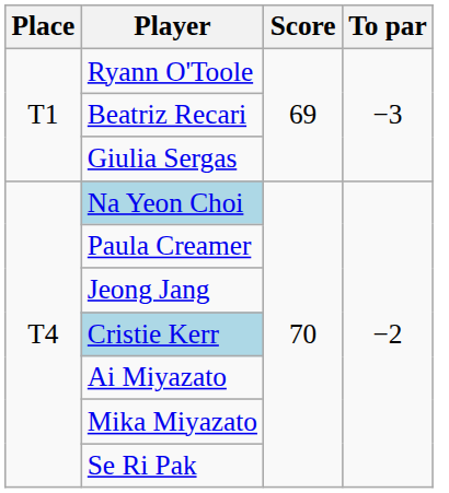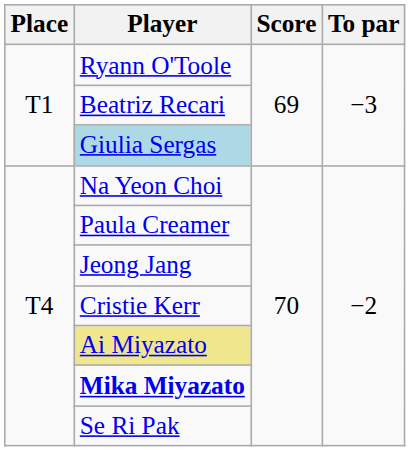 <table class="wikitable">
 <tr>
 <th>Place</th>
 <th>Player</th>
 <th>Score</th>
 <th>To par</th>
 </tr>
 <tr>
 <td align=center rowspan=3>T1</td>
 <td> <a href='#'>Ryann O'Toole</a></td>
 <td align=center rowspan=3>69</td>
 <td align=center rowspan=3>−3</td>
 </tr>
 <tr>
 <td> <a href='#'>Beatriz Recari</a></td>
 </tr>
 <tr>
-<td> <a href='#'>Giulia Sergas</a></td>
+<td style="background: lightblue;"> <a href='#'>Giulia Sergas</a></td>
 </tr>
 <tr>
 <td align=center rowspan=7>T4</td>
-<td style="background: lightblue;"> <a href='#'>Na Yeon Choi</a></td>
+<td> <a href='#'>Na Yeon Choi</a></td>
 <td align=center rowspan=7>70</td>
 <td align=center rowspan=7>−2</td>
 </tr>
 <tr>
 <td> <a href='#'>Paula Creamer</a></td>
 </tr>
 <tr>
 <td> <a href='#'>Jeong Jang</a></td>
 </tr>
 <tr>
-<td style="background: lightblue;"> <a href='#'>Cristie Kerr</a></td>
+<td> <a href='#'>Cristie Kerr</a></td>
 </tr>
 <tr>
-<td> <a href='#'>Ai Miyazato</a></td>
+<td style="background: khaki;"> <a href='#'>Ai Miyazato</a></td>
 </tr>
 <tr>
-<td> <a href='#'>Mika Miyazato</a></td>
+<td><strong> <a href='#'>Mika Miyazato</a></strong></td>
 </tr>
 <tr>
 <td> <a href='#'>Se Ri Pak</a></td>
 </tr>
 </table>
